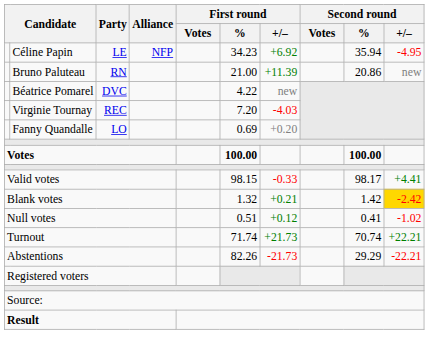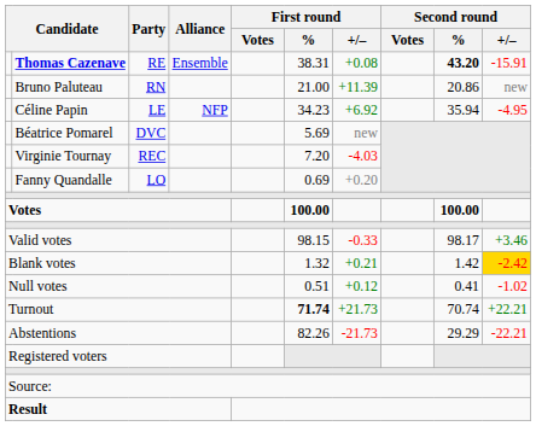 <table class="wikitable" style="text-align:right;font-size:95%;">
 <tr>
 <th rowspan="2" colspan="2">Candidate</th>
 <th colspan="1" rowspan="2">Party</th>
 <th colspan="1" rowspan="2">Alliance</th>
 <th colspan="3">First round</th>
 <th colspan="3">Second round</th>
 </tr>
 <tr>
 <th style="width:50px;">Votes</th>
 <th style="width:45px;">%</th>
 <th style="width:45px;">+/–</th>
 <th style="width:50px;">Votes</th>
 <th style="width:45px;">%</th>
 <th style="width:45px;">+/–</th>
 </tr>
 <tr>
 <td style="color:inherit;background:"></td>
-<td style="text-align:left;">Céline Papin</td>
-<td><a href='#'>LE</a></td>
-<td><a href='#'>NFP</a></td>
+<td style="text-align:left;"><strong><a href='#'>Thomas Cazenave</a></strong></td>
+<td><a href='#'>RE</a></td>
+<td><a href='#'>Ensemble</a></td>
 <td></td>
-<td>34.23</td>
-<td style="color:green;">+6.92</td>
-<td></td>
-<td>35.94</td>
-<td style="color:red;">-4.95</td>
+<td>38.31</td>
+<td style="color:green;">+0.08</td>
+<td><strong></strong></td>
+<td><strong>43.20</strong></td>
+<td style="color:red;">-15.91</td>
 </tr>
 <tr>
 <td style="color:inherit;background:"></td>
 <td style="text-align:left;">Bruno Paluteau</td>
 <td><a href='#'>RN</a></td>
 <td></td>
 <td></td>
 <td>21.00</td>
 <td style="color:green;">+11.39</td>
 <td></td>
 <td>20.86</td>
 <td style="color:grey;">new</td>
 </tr>
 <tr>
 <td style="color:inherit;background:"></td>
+<td style="text-align:left;">Céline Papin</td>
+<td><a href='#'>LE</a></td>
+<td><a href='#'>NFP</a></td>
+<td></td>
+<td>34.23</td>
+<td style="color:green;">+6.92</td>
+<td></td>
+<td>35.94</td>
+<td style="color:red;">-4.95</td>
+</tr>
+<tr>
+<td style="color:inherit;background:"></td>
 <td style="text-align:left;">Béatrice Pomarel</td>
 <td><a href='#'>DVC</a></td>
 <td></td>
 <td></td>
-<td>4.22</td>
+<td>5.69</td>
 <td style="color:grey;">new</td>
 <td colspan="3" rowspan="3" style="background:#E9E9E9;"></td>
 </tr>
 <tr>
 <td style="color:inherit;background:"></td>
 <td style="text-align:left;">Virginie Tournay</td>
 <td><a href='#'>REC</a></td>
 <td></td>
 <td></td>
 <td>7.20</td>
 <td style="color:red;">-4.03</td>
 </tr>
 <tr>
 <td style="color:inherit;background:"></td>
 <td style="text-align:left;">Fanny Quandalle</td>
 <td><a href='#'>LO</a></td>
 <td></td>
 <td></td>
 <td>0.69</td>
 <td style="color:grey;">+0.20</td>
 </tr>
 <tr>
 <td colspan="10" style="background:#E9E9E9;"></td>
 </tr>
 <tr style="font-weight:bold;">
 <td colspan="4" style="text-align:left;">Votes</td>
 <td></td>
 <td>100.00</td>
 <td></td>
 <td></td>
 <td>100.00</td>
 <td></td>
 </tr>
 <tr>
 <td colspan="10" style="background:#E9E9E9;"></td>
 </tr>
 <tr>
 <td colspan="4" style="text-align:left;">Valid votes</td>
 <td></td>
 <td>98.15</td>
 <td style="color:red;">-0.33</td>
 <td></td>
 <td>98.17</td>
-<td style="color:green;">+4.41</td>
+<td style="color:green;">+3.46</td>
 </tr>
 <tr>
 <td colspan="4" style="text-align:left;">Blank votes</td>
 <td></td>
 <td>1.32</td>
 <td style="color:green;">+0.21</td>
 <td></td>
 <td>1.42</td>
 <td style="background: gold; color:red;">-2.42</td>
 </tr>
 <tr>
 <td colspan="4" style="text-align:left;">Null votes</td>
 <td></td>
 <td>0.51</td>
 <td style="color:green;">+0.12</td>
 <td></td>
 <td>0.41</td>
 <td style="color:red;">-1.02</td>
 </tr>
 <tr>
 <td colspan="4" style="text-align:left;">Turnout</td>
 <td></td>
-<td>71.74</td>
+<td><strong>71.74</strong></td>
 <td style="color:green;">+21.73</td>
 <td></td>
 <td>70.74</td>
 <td style="color:green;">+22.21</td>
 </tr>
 <tr>
 <td colspan="4" style="text-align:left;">Abstentions</td>
 <td></td>
 <td>82.26</td>
 <td style="color:red;">-21.73</td>
 <td></td>
 <td>29.29</td>
 <td style="color:red;">-22.21</td>
 </tr>
 <tr>
 <td colspan="4" style="text-align:left;">Registered voters</td>
 <td></td>
 <td colspan="2" style="background:#E9E9E9;"></td>
 <td></td>
 <td colspan="2" style="background:#E9E9E9;"></td>
 </tr>
 <tr>
 <td colspan="10" style="background:#E9E9E9;"></td>
 </tr>
 <tr>
 <td colspan="10" style="text-align:left;">Source: </td>
 </tr>
 <tr style="font-weight:bold">
 <td colspan="4" style="text-align:left;">Result</td>
 <td colspan="6" style="background-color:"></td>
 </tr>
 </table>
